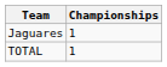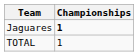 <table class="wikitable">
 <tr>
 <th>Team</th>
 <th>Championships</th>
 </tr>
 <tr>
 <td>Jaguares</td>
-<td>1</td>
+<td><strong>1</strong></td>
 </tr>
 <tr>
 <td>TOTAL</td>
 <td>1</td>
 </tr>
 </table>
